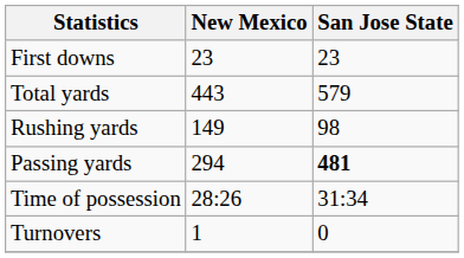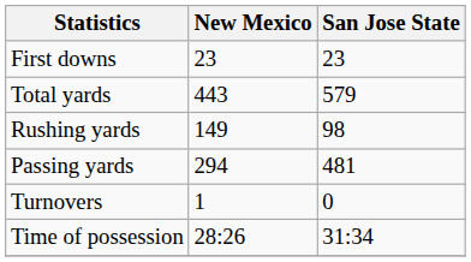 <table class="wikitable">
 <tr>
 <th>Statistics</th>
 <th>New Mexico</th>
 <th>San Jose State</th>
 </tr>
 <tr>
 <td>First downs</td>
 <td>23</td>
 <td>23</td>
 </tr>
 <tr>
 <td>Total yards</td>
 <td>443</td>
 <td>579</td>
 </tr>
 <tr>
 <td>Rushing yards</td>
 <td>149</td>
 <td>98</td>
 </tr>
 <tr>
 <td>Passing yards</td>
 <td>294</td>
-<td><strong>481</strong></td>
+<td>481</td>
+</tr>
+<tr>
+<td>Turnovers</td>
+<td>1</td>
+<td>0</td>
 </tr>
 <tr>
 <td>Time of possession</td>
 <td>28:26</td>
 <td>31:34</td>
 </tr>
 <tr>
-<td>Turnovers</td>
-<td>1</td>
-<td>0</td>
-</tr>
-<tr>
 </tr>
 </table>
